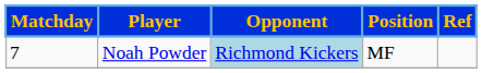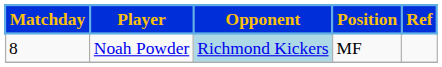 <table class=wikitable>
 <tr>
 <th style="background:#002ED9; color:#FCC108; border:2px solid #5FAFE4;">Matchday</th>
 <th style="background:#002ED9; color:#FCC108; border:2px solid #5FAFE4;">Player</th>
 <th style="background:#002ED9; color:#FCC108; border:2px solid #5FAFE4;">Opponent</th>
 <th style="background:#002ED9; color:#FCC108; border:2px solid #5FAFE4;">Position</th>
 <th style="background:#002ED9; color:#FCC108; border:2px solid #5FAFE4;">Ref</th>
 </tr>
 <tr>
-<td>7</td>
+<td>8</td>
 <td> <a href='#'>Noah Powder</a></td>
 <td style="background: lightblue;"><a href='#'>Richmond Kickers</a></td>
 <td>MF</td>
 <td></td>
 </tr>
 <tr>
 </tr>
 </table>
